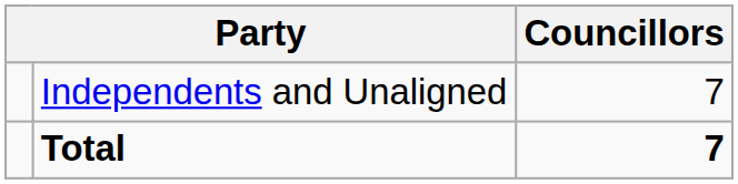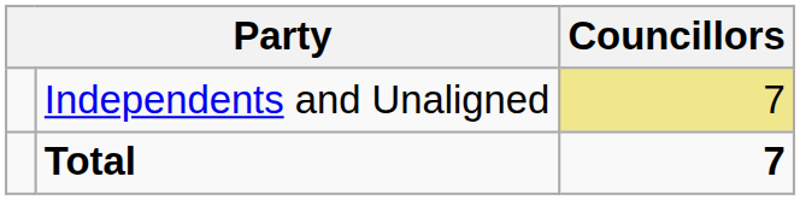 <table class="wikitable">
 <tr>
 <th colspan="2">Party</th>
 <th>Councillors</th>
 </tr>
 <tr>
 <td> </td>
 <td><a href='#'>Independents</a> and Unaligned</td>
-<td align=right>7</td>
+<td align=right style="background: khaki;">7</td>
 </tr>
 <tr>
 <td></td>
 <td><strong>Total</strong></td>
 <td align=right><strong>7</strong></td>
 </tr>
 </table>
